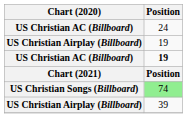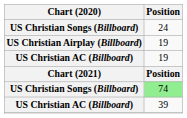 <table class="wikitable plainrowheaders" style="text-align:center">
 <tr>
 <th scope="col">Chart (2020)</th>
 <th scope="col">Position</th>
 </tr>
 <tr>
-<th scope="row">US Christian AC (<em>Billboard</em>)</th>
+<th scope="row">US Christian Songs (<em>Billboard</em>)</th>
 <td>24</td>
 </tr>
 <tr>
 <th scope="row">US Christian Airplay (<em>Billboard</em>)</th>
 <td>19</td>
 </tr>
 <tr>
 <th scope="row">US Christian AC (<em>Billboard</em>)</th>
-<td><strong>19</strong></td>
+<td>19</td>
 </tr>
 <tr>
 <th scope="col">Chart (2021)</th>
 <th scope="col">Position</th>
 </tr>
 <tr>
 <th scope="row">US Christian Songs (<em>Billboard</em>)</th>
 <td style="background: lightgreen;">74</td>
 </tr>
 <tr>
-<th scope="row">US Christian Airplay (<em>Billboard</em>)</th>
+<th scope="row">US Christian AC (<em>Billboard</em>)</th>
 <td>39</td>
 </tr>
 <tr>
 </tr>
 </table>
